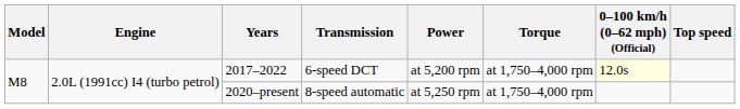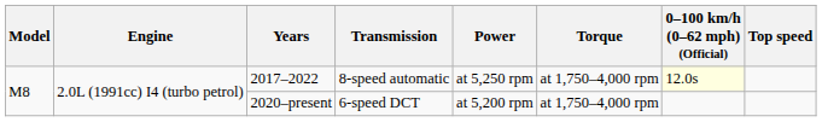 <table class="wikitable sortable collapsible" style="text-align:left; font-size:90%;">
 <tr>
 <th>Model</th>
 <th>Engine</th>
 <th>Years</th>
 <th>Transmission</th>
 <th>Power</th>
 <th>Torque</th>
 <th>0–100 km/h<br>(0–62 mph)<br><small>(Official)</small></th>
 <th>Top speed</th>
 </tr>
 <tr>
 <td rowspan=2>M8</td>
 <td rowspan=2>2.0L (1991cc) I4 (turbo petrol)</td>
 <td>2017–2022</td>
-<td>6-speed DCT</td>
-<td> at 5,200 rpm</td>
+<td>8-speed automatic</td>
+<td> at 5,250 rpm</td>
 <td> at 1,750–4,000 rpm</td>
 <td style="background: lightyellow;">12.0s</td>
 <td></td>
 </tr>
 <tr>
 <td>2020–present</td>
-<td>8-speed automatic</td>
-<td> at 5,250 rpm</td>
+<td>6-speed DCT</td>
+<td> at 5,200 rpm</td>
 <td> at 1,750–4,000 rpm</td>
 <td></td>
 <td></td>
 </tr>
 </table>
